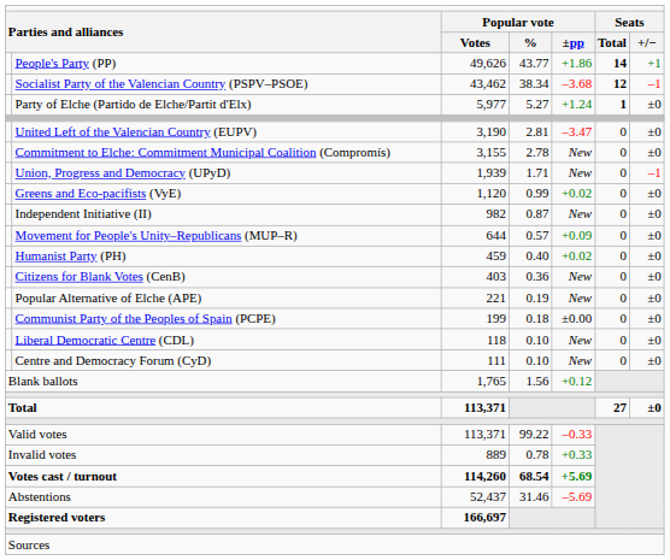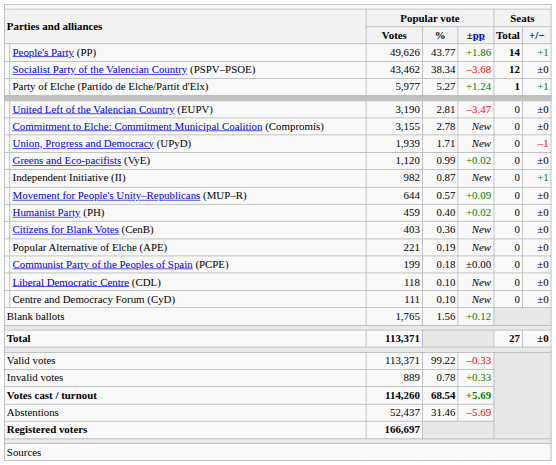 <table class="wikitable" style="text-align:right;">
 <tr>
 <td colspan="7"></td>
 </tr>
 <tr>
 <th style="text-align:left;" rowspan="2" colspan="2" width="525">Parties and alliances</th>
 <th colspan="3">Popular vote</th>
 <th colspan="2">Seats</th>
 </tr>
 <tr>
 <th width="75">Votes</th>
 <th width="45">%</th>
 <th width="45">±<a href='#'>pp</a></th>
 <th width="35">Total</th>
 <th width="35">+/−</th>
 </tr>
 <tr>
 <td width="1" style="color:inherit;background:"></td>
 <td align="left"><a href='#'>People's Party</a> (PP)</td>
 <td>49,626</td>
 <td>43.77</td>
 <td style="color:green;">+1.86</td>
 <td><strong>14</strong></td>
 <td style="color:green;">+1</td>
 </tr>
 <tr>
 <td style="color:inherit;background:"></td>
 <td align="left"><a href='#'>Socialist Party of the Valencian Country</a> (PSPV–PSOE)</td>
 <td>43,462</td>
 <td>38.34</td>
 <td style="color:red;">–3.68</td>
 <td><strong>12</strong></td>
-<td style="color:red;">–1</td>
+<td>±0</td>
 </tr>
 <tr>
 <td style="color:inherit;background:"></td>
 <td align="left">Party of Elche (Partido de Elche/Partit d'Elx)</td>
 <td>5,977</td>
 <td>5.27</td>
 <td style="color:green;">+1.24</td>
 <td><strong>1</strong></td>
-<td>±0</td>
+<td style="color:green;">+1</td>
 </tr>
 <tr>
 <td colspan="7" bgcolor="#C0C0C0"></td>
 </tr>
 <tr>
 <td style="color:inherit;background:"></td>
 <td align="left"><a href='#'>United Left of the Valencian Country</a> (EUPV)</td>
 <td>3,190</td>
 <td>2.81</td>
 <td style="color:red;">–3.47</td>
 <td>0</td>
 <td>±0</td>
 </tr>
 <tr>
 <td style="color:inherit;background:"></td>
 <td align="left"><a href='#'>Commitment to Elche: Commitment Municipal Coalition</a> (Compromís)</td>
 <td>3,155</td>
 <td>2.78</td>
 <td><em>New</em></td>
 <td>0</td>
 <td>±0</td>
 </tr>
 <tr>
 <td style="color:inherit;background:"></td>
 <td align="left"><a href='#'>Union, Progress and Democracy</a> (UPyD)</td>
 <td>1,939</td>
 <td>1.71</td>
 <td><em>New</em></td>
 <td>0</td>
 <td style="color:red;">–1</td>
 </tr>
 <tr>
 <td style="color:inherit;background:"></td>
 <td align="left"><a href='#'>Greens and Eco-pacifists</a> (VyE)</td>
 <td>1,120</td>
 <td>0.99</td>
 <td style="color:green;">+0.02</td>
 <td>0</td>
 <td>±0</td>
 </tr>
 <tr>
 <td style="color:inherit;background:"></td>
 <td align="left">Independent Initiative (II)</td>
 <td>982</td>
 <td>0.87</td>
 <td><em>New</em></td>
 <td>0</td>
-<td>±0</td>
+<td style="color:green;">+1</td>
 </tr>
 <tr>
 <td style="color:inherit;background:"></td>
 <td align="left"><a href='#'>Movement for People's Unity–Republicans</a> (MUP–R)</td>
 <td>644</td>
 <td>0.57</td>
 <td style="color:green;">+0.09</td>
 <td>0</td>
 <td>±0</td>
 </tr>
 <tr>
 <td style="color:inherit;background:"></td>
 <td align="left"><a href='#'>Humanist Party</a> (PH)</td>
 <td>459</td>
 <td>0.40</td>
 <td style="color:green;">+0.02</td>
 <td>0</td>
 <td>±0</td>
 </tr>
 <tr>
 <td style="color:inherit;background:"></td>
 <td align="left"><a href='#'>Citizens for Blank Votes</a> (CenB)</td>
 <td>403</td>
 <td>0.36</td>
 <td><em>New</em></td>
 <td>0</td>
 <td>±0</td>
 </tr>
 <tr>
 <td bgcolor="white"></td>
 <td align="left">Popular Alternative of Elche (APE)</td>
 <td>221</td>
 <td>0.19</td>
 <td><em>New</em></td>
 <td>0</td>
 <td>±0</td>
 </tr>
 <tr>
 <td style="color:inherit;background:"></td>
 <td align="left"><a href='#'>Communist Party of the Peoples of Spain</a> (PCPE)</td>
 <td>199</td>
 <td>0.18</td>
 <td>±0.00</td>
 <td>0</td>
 <td>±0</td>
 </tr>
 <tr>
 <td style="color:inherit;background:"></td>
 <td align="left"><a href='#'>Liberal Democratic Centre</a> (CDL)</td>
 <td>118</td>
 <td>0.10</td>
 <td><em>New</em></td>
 <td>0</td>
 <td>±0</td>
 </tr>
 <tr>
 <td style="color:inherit;background:"></td>
 <td align="left">Centre and Democracy Forum (CyD)</td>
 <td>111</td>
 <td>0.10</td>
 <td><em>New</em></td>
 <td>0</td>
 <td>±0</td>
 </tr>
 <tr>
 <td align="left" colspan="2">Blank ballots</td>
 <td>1,765</td>
 <td>1.56</td>
 <td style="color:green;">+0.12</td>
 <td bgcolor="#E9E9E9" colspan="2"></td>
 </tr>
 <tr>
 <td colspan="7" bgcolor="#E9E9E9"></td>
 </tr>
 <tr style="font-weight:bold;">
 <td align="left" colspan="2">Total</td>
 <td>113,371</td>
 <td bgcolor="#E9E9E9" colspan="2"></td>
 <td>27</td>
 <td>±0</td>
 </tr>
 <tr>
 <td colspan="7" bgcolor="#E9E9E9"></td>
 </tr>
 <tr>
 <td align="left" colspan="2">Valid votes</td>
 <td>113,371</td>
 <td>99.22</td>
 <td style="color:red;">–0.33</td>
 <td bgcolor="#E9E9E9" colspan="2" rowspan="5"></td>
 </tr>
 <tr>
 <td align="left" colspan="2">Invalid votes</td>
 <td>889</td>
 <td>0.78</td>
 <td style="color:green;">+0.33</td>
 </tr>
 <tr style="font-weight:bold;">
 <td align="left" colspan="2">Votes cast / turnout</td>
 <td>114,260</td>
 <td>68.54</td>
 <td style="color:green;">+5.69</td>
 </tr>
 <tr>
 <td align="left" colspan="2">Abstentions</td>
 <td>52,437</td>
 <td>31.46</td>
 <td style="color:red;">–5.69</td>
 </tr>
 <tr style="font-weight:bold;">
 <td align="left" colspan="2">Registered voters</td>
 <td>166,697</td>
 <td bgcolor="#E9E9E9" colspan="2"></td>
 </tr>
 <tr>
 <td colspan="7" bgcolor="#E9E9E9"></td>
 </tr>
 <tr>
 <td align="left" colspan="7">Sources</td>
 </tr>
 </table>
